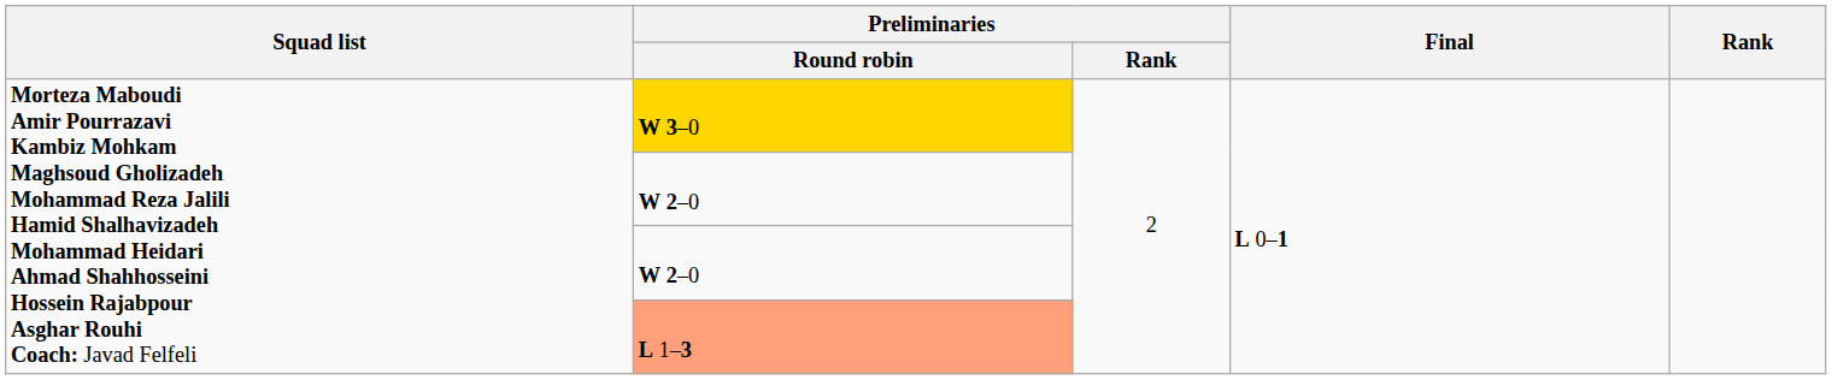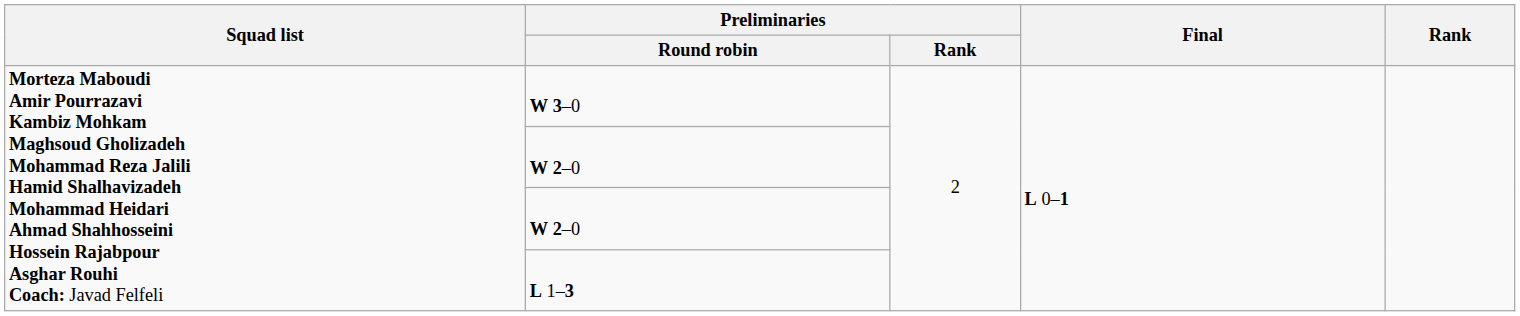 <table class="wikitable" width="60%" style="text-align:left; font-size:90%">
 <tr>
 <th rowspan="2" width="20%">Squad list</th>
 <th colspan="2">Preliminaries</th>
 <th rowspan="2" width="14%">Final</th>
 <th rowspan="2" width="5%">Rank</th>
 </tr>
 <tr>
 <th width="14%">Round robin</th>
 <th width="5%">Rank</th>
 </tr>
 <tr>
 <td rowspan="4"><strong>Morteza Maboudi<br>Amir Pourrazavi<br>Kambiz Mohkam<br>Maghsoud Gholizadeh<br>Mohammad Reza Jalili<br>Hamid Shalhavizadeh<br>Mohammad Heidari<br>Ahmad Shahhosseini<br>Hossein Rajabpour<br>Asghar Rouhi<br>Coach:</strong> Javad Felfeli</td>
-<td style="background: gold;"><br><strong>W</strong> <strong>3</strong>–0</td>
+<td><br><strong>W</strong> <strong>3</strong>–0</td>
 <td rowspan="4" align=center>2 <strong></strong></td>
 <td rowspan="4"><br><strong>L</strong> 0–<strong>1</strong></td>
 <td rowspan="4" align="center"></td>
 </tr>
 <tr>
 <td><br><strong>W</strong> <strong>2</strong>–0</td>
 </tr>
 <tr>
 <td><br><strong>W</strong> <strong>2</strong>–0</td>
 </tr>
 <tr>
-<td style="background: lightsalmon;"><br><strong>L</strong> 1–<strong>3</strong></td>
+<td><br><strong>L</strong> 1–<strong>3</strong></td>
 </tr>
 </table>
